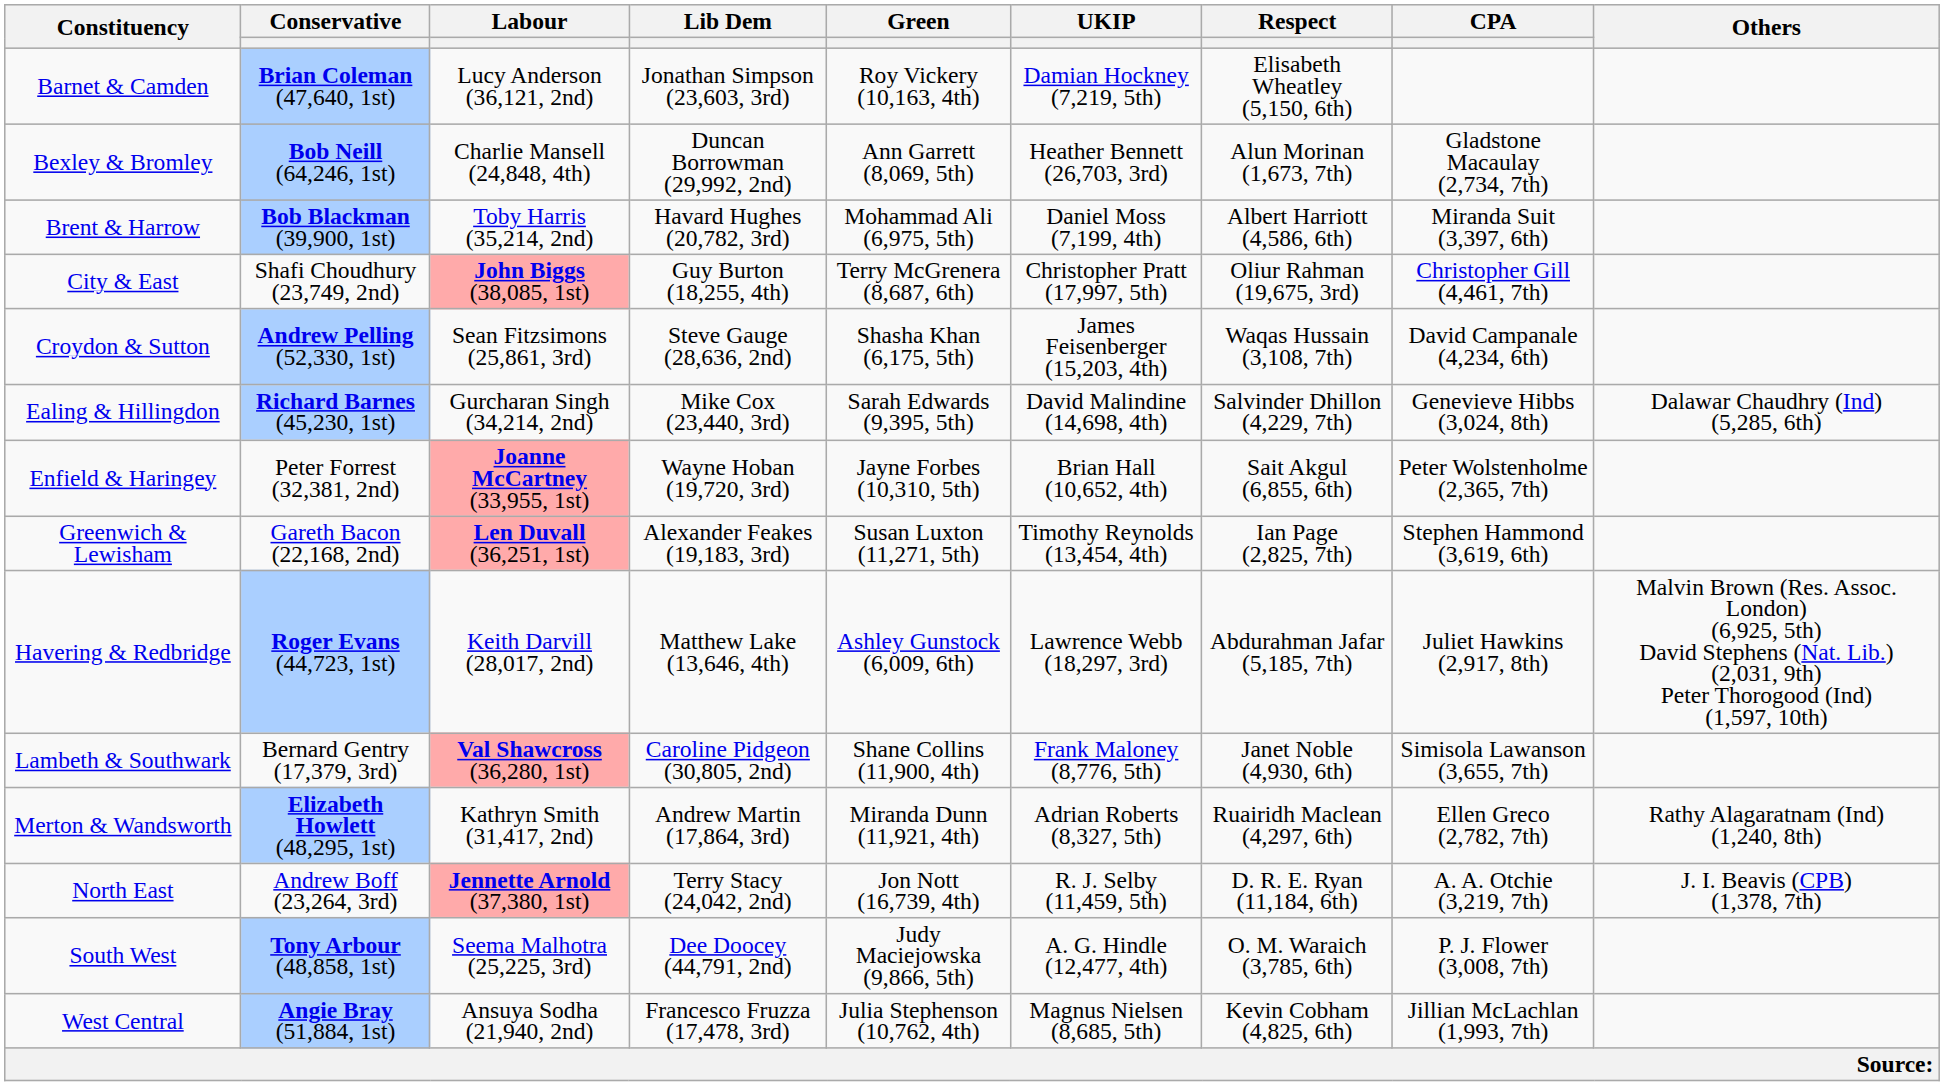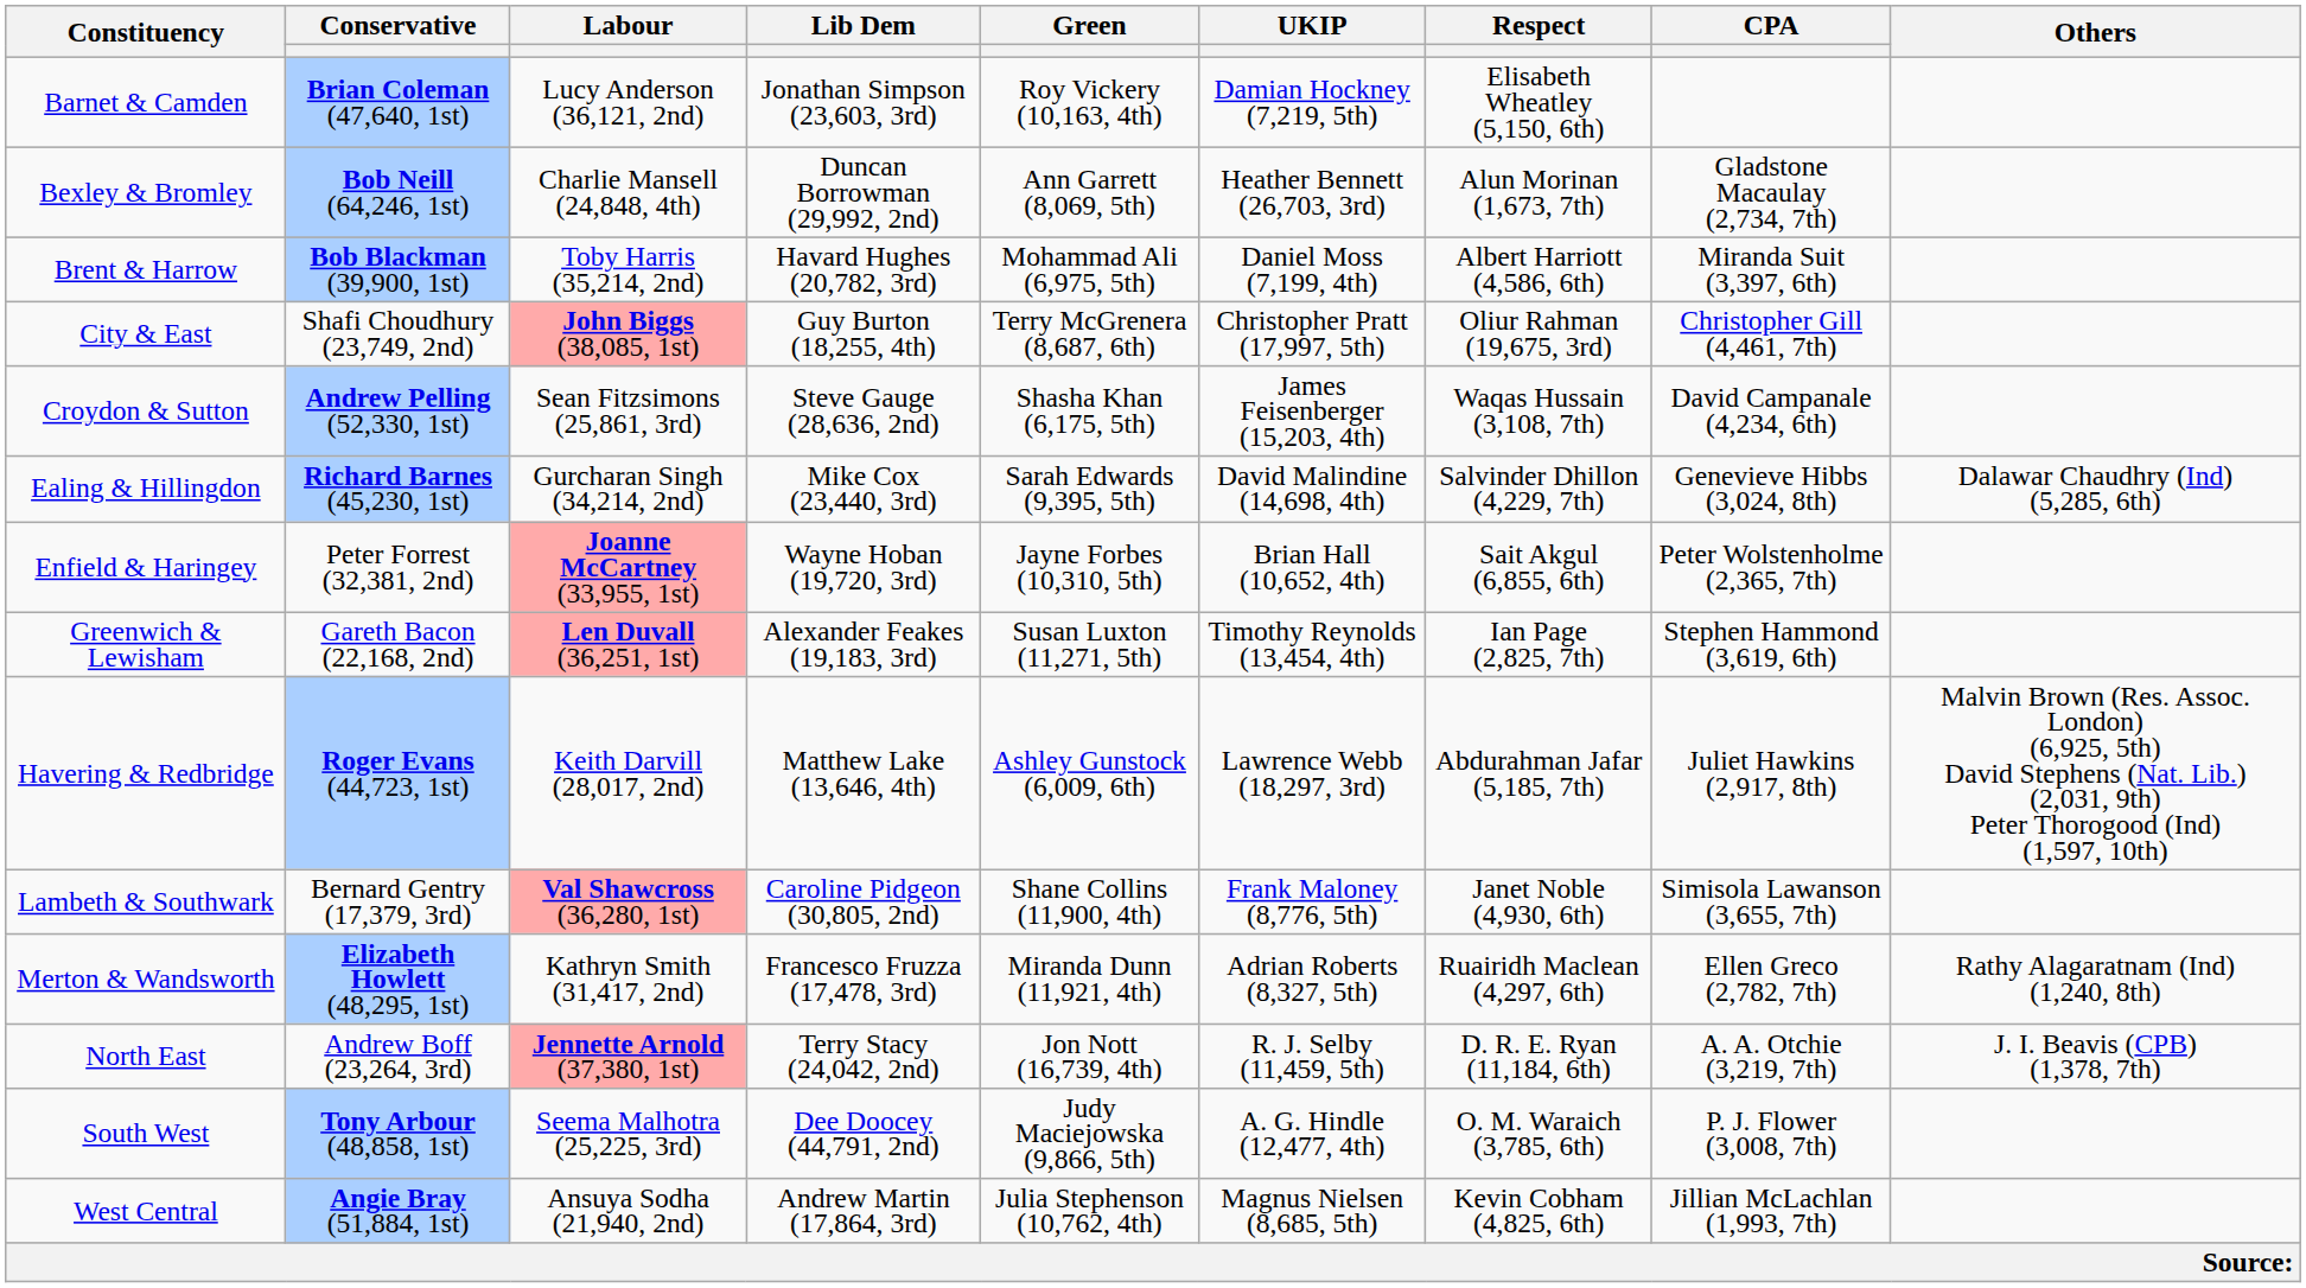 <table class="wikitable" style="text-align: center; line-height: 14px; font-size: 95%;">
 <tr>
 <th rowspan="2">Constituency</th>
 <th>Conservative</th>
 <th>Labour</th>
 <th>Lib Dem</th>
 <th>Green</th>
 <th>UKIP</th>
 <th>Respect</th>
 <th>CPA</th>
 <th rowspan="2">Others</th>
 </tr>
 <tr>
 <th style="background:"></th>
 <th style="background:"></th>
 <th style="background:"></th>
 <th style="background:"></th>
 <th style="background:"></th>
 <th style="background:"></th>
 <th style="background:"></th>
 </tr>
 <tr>
 <td><a href='#'>Barnet & Camden</a></td>
 <td style="background:#aacfff"><strong><a href='#'>Brian Coleman</a></strong><br>(47,640, 1st)</td>
 <td>Lucy Anderson<br>(36,121, 2nd)</td>
 <td>Jonathan Simpson<br>(23,603, 3rd)</td>
 <td>Roy Vickery<br>(10,163, 4th)</td>
 <td><a href='#'>Damian Hockney</a><br>(7,219, 5th)</td>
 <td>Elisabeth Wheatley<br>(5,150, 6th)</td>
 <td></td>
 <td></td>
 </tr>
 <tr>
 <td><a href='#'>Bexley & Bromley</a></td>
 <td style="background:#aacfff"><strong><a href='#'>Bob Neill</a></strong> <br>(64,246, 1st)</td>
 <td>Charlie Mansell<br>(24,848, 4th)</td>
 <td>Duncan Borrowman<br>(29,992, 2nd)</td>
 <td>Ann Garrett<br>(8,069, 5th)</td>
 <td>Heather Bennett<br>(26,703, 3rd)</td>
 <td>Alun Morinan<br>(1,673, 7th)</td>
 <td>Gladstone Macaulay<br>(2,734, 7th)</td>
 <td></td>
 </tr>
 <tr>
 <td><a href='#'>Brent & Harrow</a></td>
 <td style="background:#aacfff"><strong><a href='#'>Bob Blackman</a></strong><br>(39,900, 1st)</td>
 <td><a href='#'>Toby Harris</a><br>(35,214, 2nd)</td>
 <td>Havard Hughes<br>(20,782, 3rd)</td>
 <td>Mohammad Ali<br>(6,975, 5th)</td>
 <td>Daniel Moss<br>(7,199, 4th)</td>
 <td>Albert Harriott<br>(4,586, 6th)</td>
 <td>Miranda Suit<br>(3,397, 6th)</td>
 <td></td>
 </tr>
 <tr>
 <td><a href='#'>City & East</a></td>
 <td>Shafi Choudhury<br>(23,749, 2nd)</td>
 <td style="background:#ffaaaa"><strong><a href='#'>John Biggs</a></strong><br>(38,085, 1st)</td>
 <td>Guy Burton<br>(18,255, 4th)</td>
 <td>Terry McGrenera<br>(8,687, 6th)</td>
 <td>Christopher Pratt<br>(17,997, 5th)</td>
 <td>Oliur Rahman<br>(19,675, 3rd)</td>
 <td><a href='#'>Christopher Gill</a><br>(4,461, 7th)</td>
 <td></td>
 </tr>
 <tr>
 <td><a href='#'>Croydon & Sutton</a></td>
 <td style="background:#aacfff"><strong><a href='#'>Andrew Pelling</a></strong><br>(52,330, 1st)</td>
 <td>Sean Fitzsimons<br>(25,861, 3rd)</td>
 <td>Steve Gauge<br>(28,636, 2nd)</td>
 <td>Shasha Khan<br>(6,175, 5th)</td>
 <td>James Feisenberger<br>(15,203, 4th)</td>
 <td>Waqas Hussain<br>(3,108, 7th)</td>
 <td>David Campanale<br>(4,234, 6th)</td>
 <td></td>
 </tr>
 <tr>
 <td><a href='#'>Ealing & Hillingdon</a></td>
 <td style="background:#aacfff"><strong><a href='#'>Richard Barnes</a></strong><br>(45,230, 1st)</td>
 <td>Gurcharan Singh<br>(34,214, 2nd)</td>
 <td>Mike Cox<br>(23,440, 3rd)</td>
 <td>Sarah Edwards<br>(9,395, 5th)</td>
 <td>David Malindine<br>(14,698, 4th)</td>
 <td>Salvinder Dhillon<br>(4,229, 7th)</td>
 <td>Genevieve Hibbs<br>(3,024, 8th)</td>
 <td>Dalawar Chaudhry (<a href='#'>Ind</a>)<br>(5,285, 6th)</td>
 </tr>
 <tr>
 <td><a href='#'>Enfield & Haringey</a></td>
 <td>Peter Forrest<br>(32,381, 2nd)</td>
 <td style="background:#ffaaaa"><strong><a href='#'>Joanne McCartney</a></strong><br>(33,955, 1st)</td>
 <td>Wayne Hoban<br>(19,720, 3rd)</td>
 <td>Jayne Forbes<br>(10,310, 5th)</td>
 <td>Brian Hall<br>(10,652, 4th)</td>
 <td>Sait Akgul<br>(6,855, 6th)</td>
 <td>Peter Wolstenholme<br>(2,365, 7th)</td>
 <td></td>
 </tr>
 <tr>
 <td><a href='#'>Greenwich & Lewisham</a></td>
 <td><a href='#'>Gareth Bacon</a><br>(22,168, 2nd)</td>
 <td style="background:#ffaaaa"><strong><a href='#'>Len Duvall</a></strong><br>(36,251, 1st)</td>
 <td>Alexander Feakes<br>(19,183, 3rd)</td>
 <td>Susan Luxton<br>(11,271, 5th)</td>
 <td>Timothy Reynolds<br>(13,454, 4th)</td>
 <td>Ian Page<br>(2,825, 7th)</td>
 <td>Stephen Hammond<br>(3,619, 6th)</td>
 <td></td>
 </tr>
 <tr>
 <td><a href='#'>Havering & Redbridge</a></td>
 <td style="background:#aacfff"><strong><a href='#'>Roger Evans</a></strong><br>(44,723, 1st)</td>
 <td><a href='#'>Keith Darvill</a><br>(28,017, 2nd)</td>
 <td>Matthew Lake<br>(13,646, 4th)</td>
 <td><a href='#'>Ashley Gunstock</a><br>(6,009, 6th)</td>
 <td>Lawrence Webb<br>(18,297, 3rd)</td>
 <td>Abdurahman Jafar<br>(5,185, 7th)</td>
 <td>Juliet Hawkins<br>(2,917, 8th)</td>
 <td>Malvin Brown (Res. Assoc. London)<br>(6,925, 5th)<br>David Stephens (<a href='#'>Nat. Lib.</a>)<br>(2,031, 9th)<br>Peter Thorogood (Ind)<br>(1,597, 10th)</td>
 </tr>
 <tr>
 <td><a href='#'>Lambeth & Southwark</a></td>
 <td>Bernard Gentry<br>(17,379, 3rd)</td>
 <td style="background:#ffaaaa"><strong><a href='#'>Val Shawcross</a></strong><br>(36,280, 1st)</td>
 <td><a href='#'>Caroline Pidgeon</a><br>(30,805, 2nd)</td>
 <td>Shane Collins<br>(11,900, 4th)</td>
 <td><a href='#'>Frank Maloney</a><br>(8,776, 5th)</td>
 <td>Janet Noble<br>(4,930, 6th)</td>
 <td>Simisola Lawanson<br>(3,655, 7th)</td>
 <td></td>
 </tr>
 <tr>
 <td><a href='#'>Merton & Wandsworth</a></td>
 <td style="background:#aacfff"><strong><a href='#'>Elizabeth Howlett</a></strong><br>(48,295, 1st)</td>
 <td>Kathryn Smith<br>(31,417, 2nd)</td>
-<td>Andrew Martin<br>(17,864, 3rd)</td>
+<td>Francesco Fruzza<br>(17,478, 3rd)</td>
 <td>Miranda Dunn<br>(11,921, 4th)</td>
 <td>Adrian Roberts<br>(8,327, 5th)</td>
 <td>Ruairidh Maclean<br>(4,297, 6th)</td>
 <td>Ellen Greco<br>(2,782, 7th)</td>
 <td>Rathy Alagaratnam (Ind)<br> (1,240, 8th)</td>
 </tr>
 <tr>
 <td><a href='#'>North East</a></td>
 <td><a href='#'>Andrew Boff</a><br>(23,264, 3rd)</td>
 <td style="background:#ffaaaa"><strong><a href='#'>Jennette Arnold</a></strong><br>(37,380, 1st)</td>
 <td>Terry Stacy<br>(24,042, 2nd)</td>
 <td>Jon Nott<br>(16,739, 4th)</td>
 <td>R. J. Selby<br>(11,459, 5th)</td>
 <td>D. R. E. Ryan<br>(11,184, 6th)</td>
 <td>A. A. Otchie<br>(3,219, 7th)</td>
 <td>J. I. Beavis (<a href='#'>CPB</a>)<br>(1,378, 7th)</td>
 </tr>
 <tr>
 <td><a href='#'>South West</a></td>
 <td style="background:#aacfff"><strong><a href='#'>Tony Arbour</a></strong><br>(48,858, 1st)</td>
 <td><a href='#'>Seema Malhotra</a><br>(25,225, 3rd)</td>
 <td><a href='#'>Dee Doocey</a><br>(44,791, 2nd)</td>
 <td>Judy Maciejowska<br>(9,866, 5th)</td>
 <td>A. G. Hindle<br>(12,477, 4th)</td>
 <td>O. M. Waraich<br>(3,785, 6th)</td>
 <td>P. J. Flower<br>(3,008, 7th)</td>
 <td></td>
 </tr>
 <tr>
 <td><a href='#'>West Central</a></td>
 <td style="background:#aacfff"><strong><a href='#'>Angie Bray</a></strong><br>(51,884, 1st)</td>
 <td>Ansuya Sodha<br>(21,940, 2nd)</td>
-<td>Francesco Fruzza<br>(17,478, 3rd)</td>
+<td>Andrew Martin<br>(17,864, 3rd)</td>
 <td>Julia Stephenson<br>(10,762, 4th)</td>
 <td>Magnus Nielsen<br>(8,685, 5th)</td>
 <td>Kevin Cobham<br>(4,825, 6th)</td>
 <td>Jillian McLachlan<br>(1,993, 7th)</td>
 <td></td>
 </tr>
 <tr>
 <th colspan="10" style="text-align: right;">Source: </th>
 </tr>
 </table>
